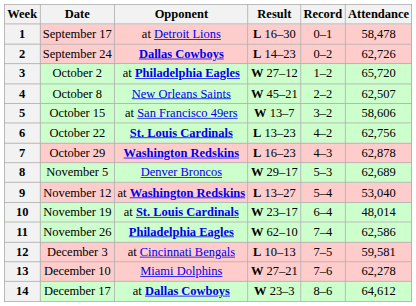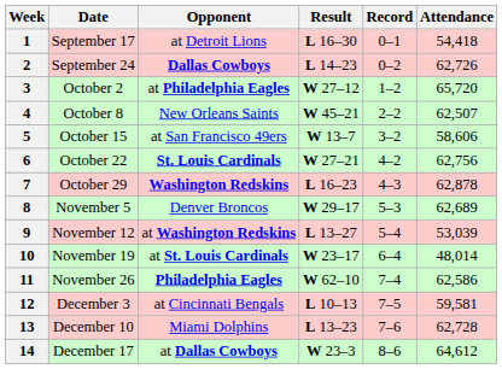 <table class="wikitable" style="text-align:center">
 <tr>
 <th>Week</th>
 <th>Date</th>
 <th>Opponent</th>
 <th>Result</th>
 <th>Record</th>
 <th>Attendance</th>
 </tr>
 <tr style="background:#fcc">
 <th>1</th>
 <td>September 17</td>
 <td>at <a href='#'>Detroit Lions</a></td>
 <td><strong>L</strong> 16–30</td>
 <td>0–1</td>
-<td>58,478</td>
+<td>54,418</td>
 </tr>
 <tr style="background:#fcc">
 <th>2</th>
 <td>September 24</td>
 <td><strong><a href='#'>Dallas Cowboys</a></strong></td>
 <td><strong>L</strong> 14–23</td>
 <td>0–2</td>
 <td>62,726</td>
 </tr>
 <tr style="background:#cfc">
 <th>3</th>
 <td>October 2</td>
 <td>at <strong><a href='#'>Philadelphia Eagles</a></strong></td>
 <td><strong>W</strong> 27–12</td>
 <td>1–2</td>
 <td>65,720</td>
 </tr>
 <tr style="background:#cfc">
 <th>4</th>
 <td>October 8</td>
 <td><a href='#'>New Orleans Saints</a></td>
 <td><strong>W</strong> 45–21</td>
 <td>2–2</td>
 <td>62,507</td>
 </tr>
 <tr style="background:#cfc">
 <th>5</th>
 <td>October 15</td>
 <td>at <a href='#'>San Francisco 49ers</a></td>
 <td><strong>W</strong> 13–7</td>
 <td>3–2</td>
 <td>58,606</td>
 </tr>
 <tr style="background:#cfc">
 <th>6</th>
 <td>October 22</td>
 <td><strong><a href='#'>St. Louis Cardinals</a></strong></td>
-<td><strong>L</strong> 13–23</td>
+<td><strong>W</strong> 27–21</td>
 <td>4–2</td>
 <td>62,756</td>
 </tr>
 <tr style="background:#fcc">
 <th>7</th>
 <td>October 29</td>
 <td><strong><a href='#'>Washington Redskins</a></strong></td>
 <td><strong>L</strong> 16–23</td>
 <td>4–3</td>
 <td>62,878</td>
 </tr>
 <tr style="background:#cfc">
 <th>8</th>
 <td>November 5</td>
 <td><a href='#'>Denver Broncos</a></td>
 <td><strong>W</strong> 29–17</td>
 <td>5–3</td>
 <td>62,689</td>
 </tr>
 <tr style="background:#fcc">
 <th>9</th>
 <td>November 12</td>
 <td>at <strong><a href='#'>Washington Redskins</a></strong></td>
 <td><strong>L</strong> 13–27</td>
 <td>5–4</td>
-<td>53,040</td>
+<td>53,039</td>
 </tr>
 <tr style="background:#cfc">
 <th>10</th>
 <td>November 19</td>
 <td>at <strong><a href='#'>St. Louis Cardinals</a></strong></td>
 <td><strong>W</strong> 23–17</td>
 <td>6–4</td>
 <td>48,014</td>
 </tr>
 <tr style="background:#cfc">
 <th>11</th>
 <td>November 26</td>
 <td><strong><a href='#'>Philadelphia Eagles</a></strong></td>
 <td><strong>W</strong> 62–10</td>
 <td>7–4</td>
 <td>62,586</td>
 </tr>
 <tr style="background:#fcc">
 <th>12</th>
 <td>December 3</td>
 <td>at <a href='#'>Cincinnati Bengals</a></td>
 <td><strong>L</strong> 10–13</td>
 <td>7–5</td>
 <td>59,581</td>
 </tr>
 <tr style="background:#fcc">
 <th>13</th>
 <td>December 10</td>
 <td><a href='#'>Miami Dolphins</a></td>
-<td><strong>W</strong> 27–21</td>
+<td><strong>L</strong> 13–23</td>
 <td>7–6</td>
-<td>62,278</td>
+<td>62,728</td>
 </tr>
 <tr style="background:#cfc">
 <th>14</th>
 <td>December 17</td>
 <td>at <strong><a href='#'>Dallas Cowboys</a></strong></td>
 <td><strong>W</strong> 23–3</td>
 <td>8–6</td>
 <td>64,612</td>
 </tr>
 </table>
